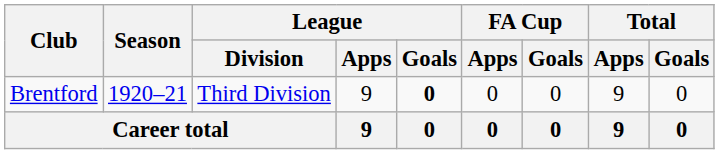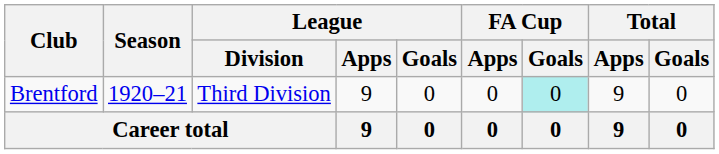 <table class="wikitable" style="text-align: center;">
 <tr>
 <th rowspan="2">Club</th>
 <th rowspan="2">Season</th>
 <th colspan="3">League</th>
 <th colspan="2">FA Cup</th>
 <th colspan="2">Total</th>
 </tr>
 <tr>
 <th>Division</th>
 <th>Apps</th>
 <th>Goals</th>
 <th>Apps</th>
 <th>Goals</th>
 <th>Apps</th>
 <th>Goals</th>
 </tr>
 <tr>
 <td><a href='#'>Brentford</a></td>
 <td><a href='#'>1920–21</a></td>
 <td><a href='#'>Third Division</a></td>
 <td>9</td>
-<td><strong>0</strong></td>
 <td>0</td>
 <td>0</td>
+<td style="background: paleturquoise;">0</td>
 <td>9</td>
 <td>0</td>
 </tr>
 <tr>
 <th colspan="3">Career total</th>
 <th>9</th>
 <th>0</th>
 <th>0</th>
 <th>0</th>
 <th>9</th>
 <th>0</th>
 </tr>
 </table>
